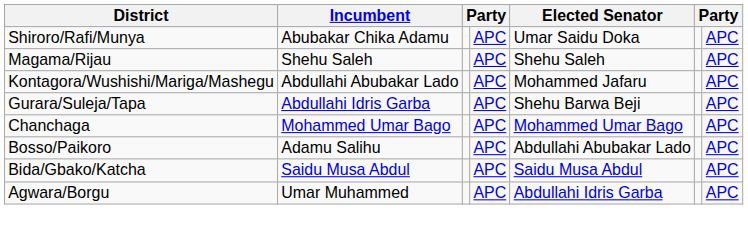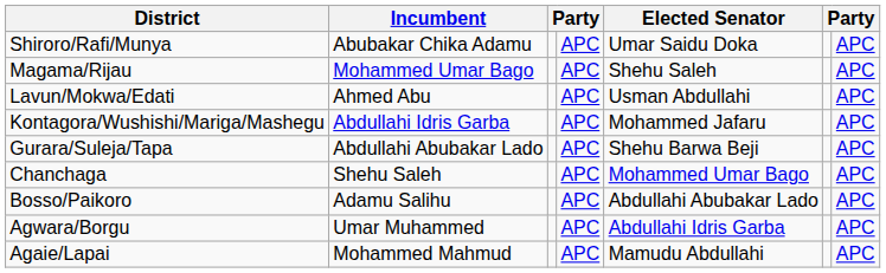 <table class="sortable wikitable" style="font-size:95%;line-height:14px;">
 <tr>
 <th class="unsortable">District</th>
 <th class="unsortable"><a href='#'>Incumbent</a></th>
 <th colspan="2">Party</th>
 <th class="unsortable">Elected Senator</th>
 <th colspan="2">Party</th>
 </tr>
 <tr>
 <td>Shiroro/Rafi/Munya</td>
 <td>Abubakar Chika Adamu</td>
 <td style="background:"></td>
 <td><a href='#'>APC</a></td>
 <td>Umar Saidu Doka</td>
 <td style="background:"></td>
 <td><a href='#'>APC</a></td>
 </tr>
 <tr>
 <td>Magama/Rijau</td>
-<td>Shehu Saleh</td>
+<td><a href='#'>Mohammed Umar Bago</a></td>
 <td style="background:"></td>
 <td><a href='#'>APC</a></td>
 <td>Shehu Saleh</td>
 <td style="background:"></td>
 <td><a href='#'>APC</a></td>
 </tr>
 <tr>
+<td>Lavun/Mokwa/Edati</td>
+<td>Ahmed Abu</td>
+<td style="background:"></td>
+<td><a href='#'>APC</a></td>
+<td>Usman Abdullahi</td>
+<td style="background:"></td>
+<td><a href='#'>APC</a></td>
+</tr>
+<tr>
 <td>Kontagora/Wushishi/Mariga/Mashegu</td>
-<td>Abdullahi Abubakar Lado</td>
+<td><a href='#'>Abdullahi Idris Garba</a></td>
 <td style="background:"></td>
 <td><a href='#'>APC</a></td>
 <td>Mohammed Jafaru</td>
 <td style="background:"></td>
 <td><a href='#'>APC</a></td>
 </tr>
 <tr>
 <td>Gurara/Suleja/Tapa</td>
-<td><a href='#'>Abdullahi Idris Garba</a></td>
+<td>Abdullahi Abubakar Lado</td>
 <td style="background:"></td>
 <td><a href='#'>APC</a></td>
 <td>Shehu Barwa Beji</td>
 <td style="background:"></td>
 <td><a href='#'>APC</a></td>
 </tr>
 <tr>
 <td>Chanchaga</td>
-<td><a href='#'>Mohammed Umar Bago</a></td>
+<td>Shehu Saleh</td>
 <td style="background:"></td>
 <td><a href='#'>APC</a></td>
 <td><a href='#'>Mohammed Umar Bago</a></td>
 <td style="background:"></td>
 <td><a href='#'>APC</a></td>
 </tr>
 <tr>
 <td>Bosso/Paikoro</td>
 <td>Adamu Salihu</td>
 <td style="background:"></td>
 <td><a href='#'>APC</a></td>
 <td>Abdullahi Abubakar Lado</td>
 <td style="background:"></td>
 <td><a href='#'>APC</a></td>
 </tr>
 <tr>
-<td>Bida/Gbako/Katcha</td>
-<td><a href='#'>Saidu Musa Abdul</a></td>
-<td style="background:"></td>
-<td><a href='#'>APC</a></td>
-<td><a href='#'>Saidu Musa Abdul</a></td>
-<td style="background:"></td>
-<td><a href='#'>APC</a></td>
-</tr>
-<tr>
 <td>Agwara/Borgu</td>
 <td>Umar Muhammed</td>
 <td style="background:"></td>
 <td><a href='#'>APC</a></td>
 <td><a href='#'>Abdullahi Idris Garba</a></td>
 <td style="background:"></td>
 <td><a href='#'>APC</a></td>
 </tr>
+<tr>
+<td>Agaie/Lapai</td>
+<td>Mohammed Mahmud</td>
+<td style="background:"></td>
+<td><a href='#'>APC</a></td>
+<td>Mamudu Abdullahi</td>
+<td style="background:"></td>
+<td><a href='#'>APC</a></td>
+</tr>
 </table>
